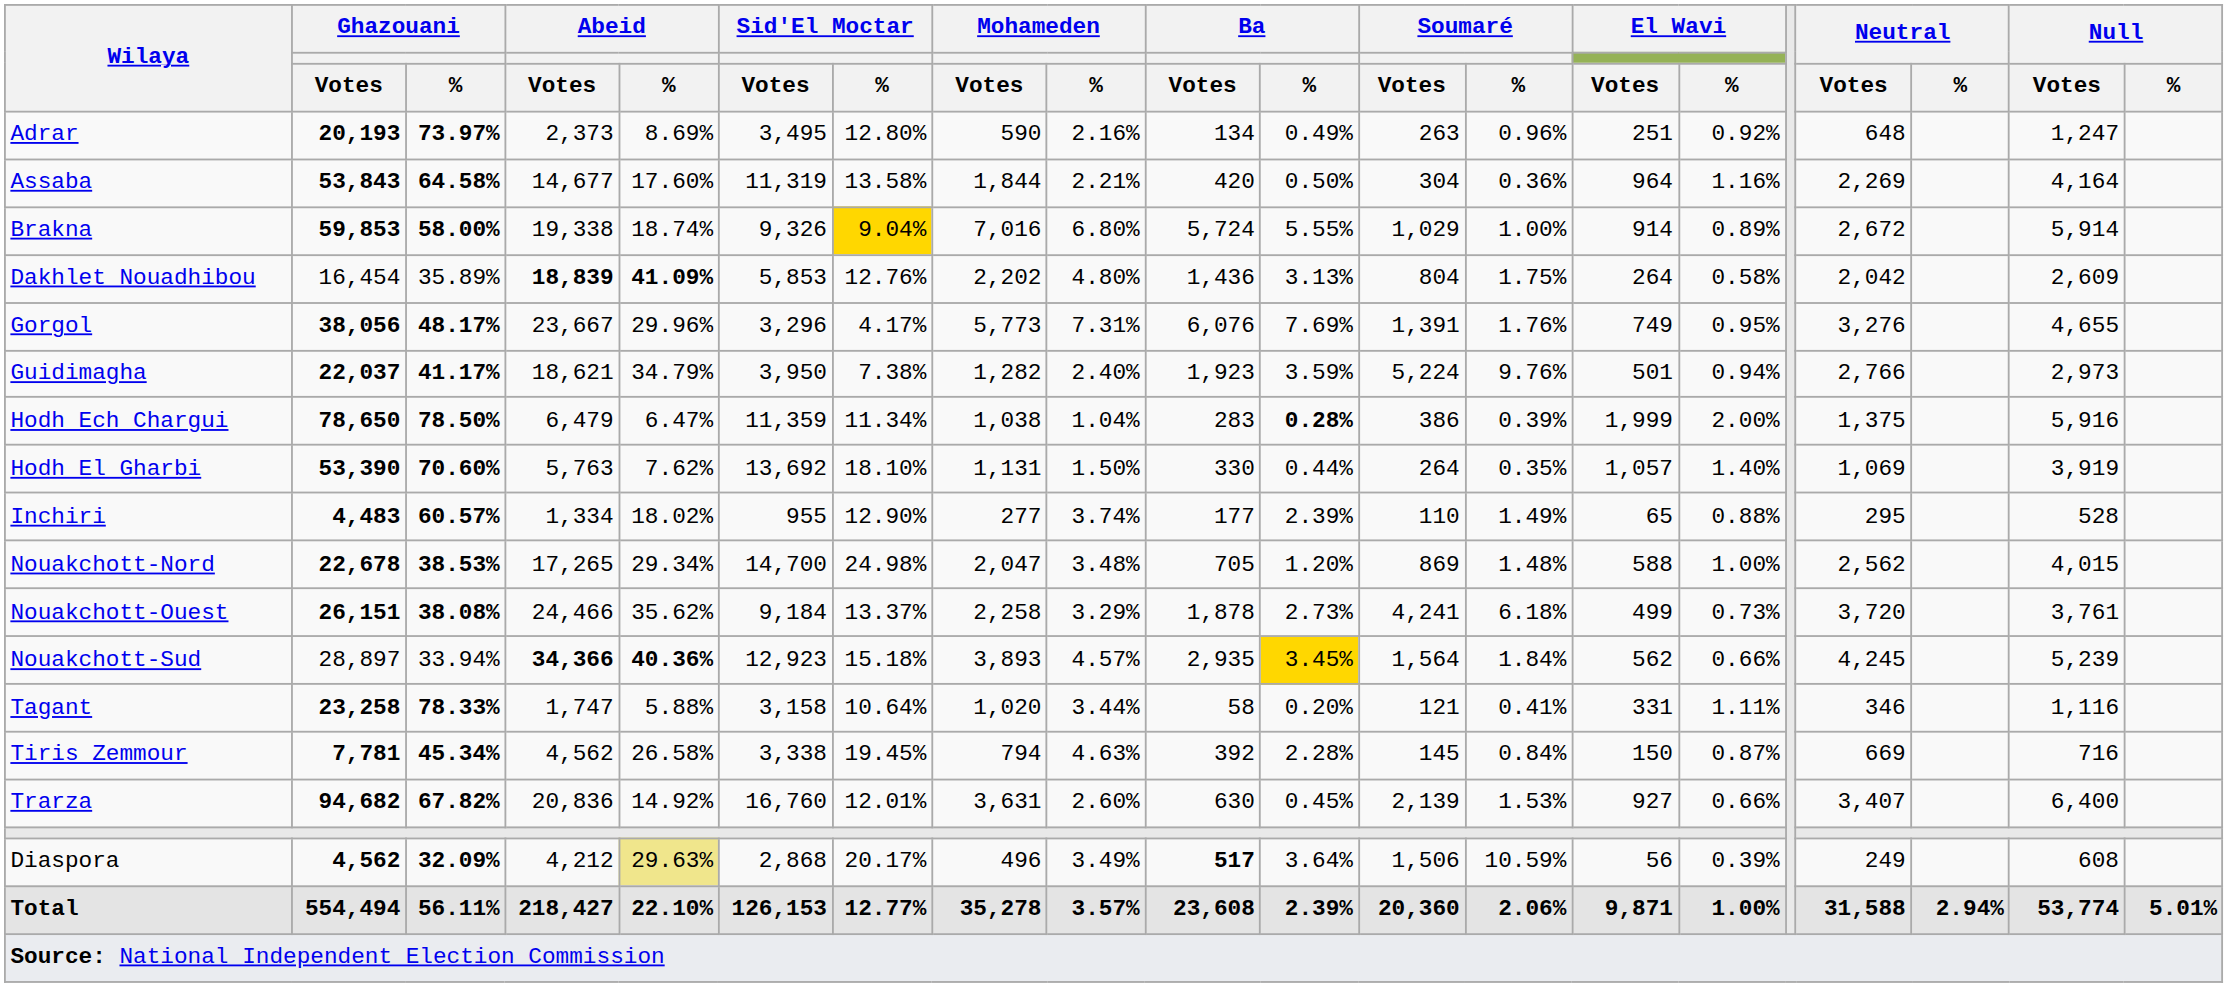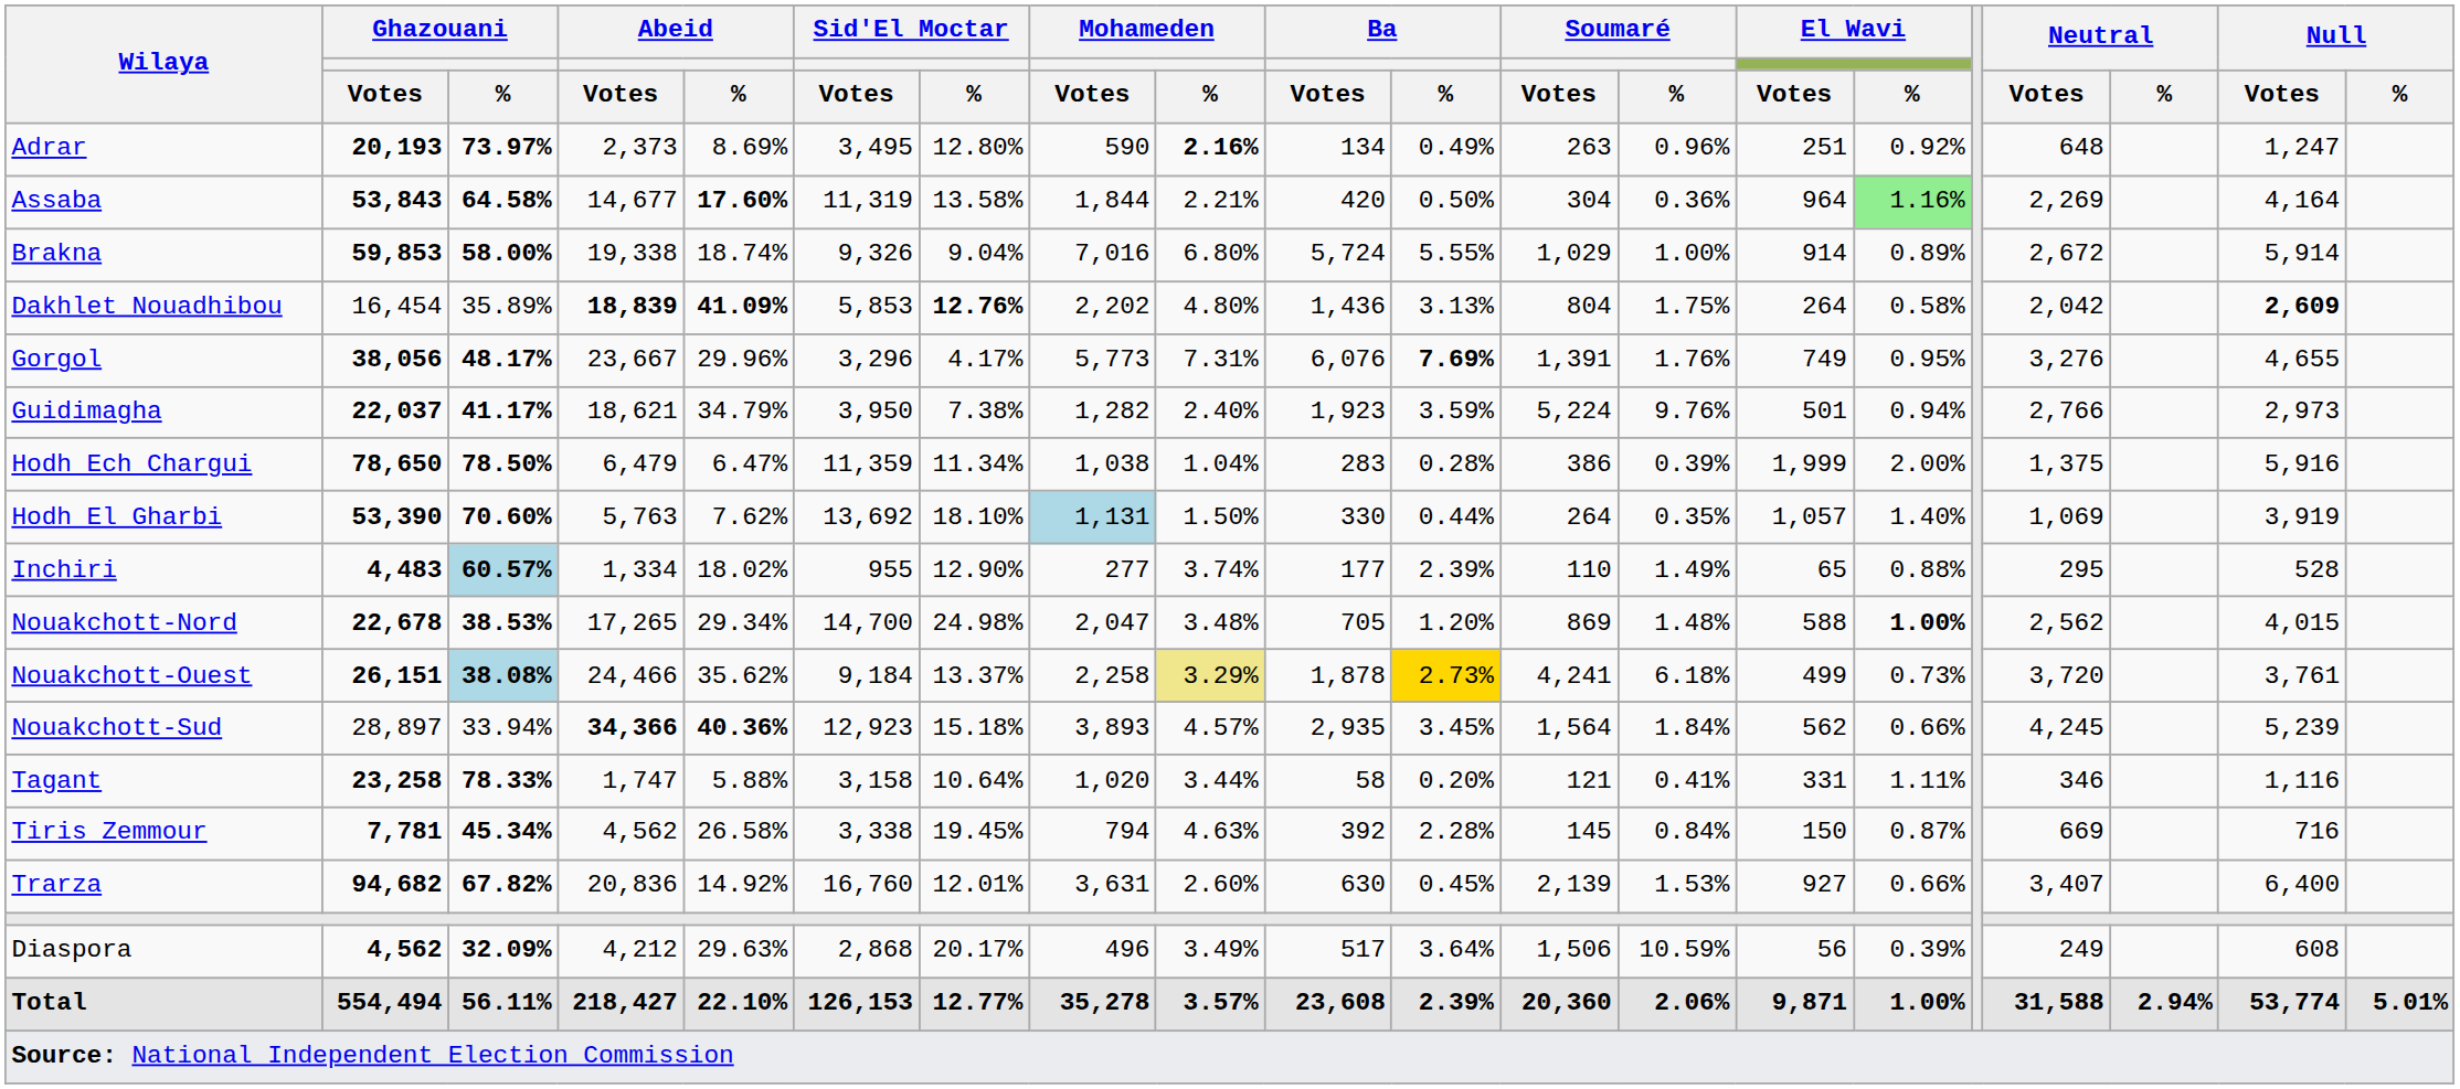 <table class="wikitable sortable collapsible mw-datatable" style="text-align:right; font-size:95%; line-height:20px">
 <tr>
 <th width="150" rowspan="3"><a href='#'>Wilaya</a></th>
 <th width="110" colspan="2"><a href='#'>Ghazouani</a></th>
 <th width="110" colspan="2"><a href='#'>Abeid</a></th>
 <th width="110" colspan="2"><a href='#'>Sid'El Moctar</a></th>
 <th width="110" colspan="2"><a href='#'>Mohameden</a></th>
 <th width="110" colspan="2"><a href='#'>Ba</a></th>
 <th width="110" colspan="2"><a href='#'>Soumaré</a></th>
 <th width="110" colspan="2"><a href='#'>El Wavi</a></th>
 <td rowspan="21" style="background:#E9E9E9;"></td>
 <th width="110" rowspan="2" colspan="2"><a href='#'>Neutral</a></th>
 <th width="110" rowspan="2" colspan="2"><a href='#'>Null</a></th>
 </tr>
 <tr>
 <th colspan="2" style="background:"></th>
 <th colspan="2" style="background:"></th>
 <th colspan="2" style="background:"></th>
 <th colspan="2" style="background:"></th>
 <th colspan="2" style="background:"></th>
 <th colspan="2" style="background:"></th>
 <th colspan="2" style="background:#95B256;"></th>
 </tr>
 <tr>
 <th>Votes</th>
 <th>%</th>
 <th>Votes</th>
 <th>%</th>
 <th>Votes</th>
 <th>%</th>
 <th>Votes</th>
 <th>%</th>
 <th>Votes</th>
 <th>%</th>
 <th>Votes</th>
 <th>%</th>
 <th>Votes</th>
 <th>%</th>
 <th>Votes</th>
 <th>%</th>
 <th>Votes</th>
 <th>%</th>
 </tr>
 <tr>
 <td style="text-align:left"><a href='#'>Adrar</a></td>
 <td><strong>20,193</strong></td>
 <td><strong>73.97%</strong></td>
 <td>2,373</td>
 <td>8.69%</td>
 <td>3,495</td>
 <td>12.80%</td>
 <td>590</td>
-<td>2.16%</td>
+<td><strong>2.16%</strong></td>
 <td>134</td>
 <td>0.49%</td>
 <td>263</td>
 <td>0.96%</td>
 <td>251</td>
 <td>0.92%</td>
 <td>648</td>
 <td></td>
 <td>1,247</td>
 <td></td>
 </tr>
 <tr>
 <td style="text-align:left"><a href='#'>Assaba</a></td>
 <td><strong>53,843</strong></td>
 <td><strong>64.58%</strong></td>
 <td>14,677</td>
-<td>17.60%</td>
+<td><strong>17.60%</strong></td>
 <td>11,319</td>
 <td>13.58%</td>
 <td>1,844</td>
 <td>2.21%</td>
 <td>420</td>
 <td>0.50%</td>
 <td>304</td>
 <td>0.36%</td>
 <td>964</td>
-<td>1.16%</td>
+<td style="background: lightgreen;">1.16%</td>
 <td>2,269</td>
 <td></td>
 <td>4,164</td>
 <td></td>
 </tr>
 <tr>
 <td style="text-align:left"><a href='#'>Brakna</a></td>
 <td><strong>59,853</strong></td>
 <td><strong>58.00%</strong></td>
 <td>19,338</td>
 <td>18.74%</td>
 <td>9,326</td>
-<td style="background: gold;">9.04%</td>
+<td>9.04%</td>
 <td>7,016</td>
 <td>6.80%</td>
 <td>5,724</td>
 <td>5.55%</td>
 <td>1,029</td>
 <td>1.00%</td>
 <td>914</td>
 <td>0.89%</td>
 <td>2,672</td>
 <td></td>
 <td>5,914</td>
 <td></td>
 </tr>
 <tr>
 <td style="text-align:left"><a href='#'>Dakhlet Nouadhibou</a></td>
 <td>16,454</td>
 <td>35.89%</td>
 <td><strong>18,839</strong></td>
 <td><strong>41.09%</strong></td>
 <td>5,853</td>
-<td>12.76%</td>
+<td><strong>12.76%</strong></td>
 <td>2,202</td>
 <td>4.80%</td>
 <td>1,436</td>
 <td>3.13%</td>
 <td>804</td>
 <td>1.75%</td>
 <td>264</td>
 <td>0.58%</td>
 <td>2,042</td>
 <td></td>
-<td>2,609</td>
+<td><strong>2,609</strong></td>
 <td></td>
 </tr>
 <tr>
 <td style="text-align:left"><a href='#'>Gorgol</a></td>
 <td><strong>38,056</strong></td>
 <td><strong>48.17%</strong></td>
 <td>23,667</td>
 <td>29.96%</td>
 <td>3,296</td>
 <td>4.17%</td>
 <td>5,773</td>
 <td>7.31%</td>
 <td>6,076</td>
-<td>7.69%</td>
+<td><strong>7.69%</strong></td>
 <td>1,391</td>
 <td>1.76%</td>
 <td>749</td>
 <td>0.95%</td>
 <td>3,276</td>
 <td></td>
 <td>4,655</td>
 <td></td>
 </tr>
 <tr>
 <td style="text-align:left"><a href='#'>Guidimagha</a></td>
 <td><strong>22,037</strong></td>
 <td><strong>41.17%</strong></td>
 <td>18,621</td>
 <td>34.79%</td>
 <td>3,950</td>
 <td>7.38%</td>
 <td>1,282</td>
 <td>2.40%</td>
 <td>1,923</td>
 <td>3.59%</td>
 <td>5,224</td>
 <td>9.76%</td>
 <td>501</td>
 <td>0.94%</td>
 <td>2,766</td>
 <td></td>
 <td>2,973</td>
 <td></td>
 </tr>
 <tr>
 <td style="text-align:left"><a href='#'>Hodh Ech Chargui</a></td>
 <td><strong>78,650</strong></td>
 <td><strong>78.50%</strong></td>
 <td>6,479</td>
 <td>6.47%</td>
 <td>11,359</td>
 <td>11.34%</td>
 <td>1,038</td>
 <td>1.04%</td>
 <td>283</td>
-<td><strong>0.28%</strong></td>
+<td>0.28%</td>
 <td>386</td>
 <td>0.39%</td>
 <td>1,999</td>
 <td>2.00%</td>
 <td>1,375</td>
 <td></td>
 <td>5,916</td>
 <td></td>
 </tr>
 <tr>
 <td style="text-align:left"><a href='#'>Hodh El Gharbi</a></td>
 <td><strong>53,390</strong></td>
 <td><strong>70.60%</strong></td>
 <td>5,763</td>
 <td>7.62%</td>
 <td>13,692</td>
 <td>18.10%</td>
-<td>1,131</td>
+<td style="background: lightblue;">1,131</td>
 <td>1.50%</td>
 <td>330</td>
 <td>0.44%</td>
 <td>264</td>
 <td>0.35%</td>
 <td>1,057</td>
 <td>1.40%</td>
 <td>1,069</td>
 <td></td>
 <td>3,919</td>
 <td></td>
 </tr>
 <tr>
 <td style="text-align:left"><a href='#'>Inchiri</a></td>
 <td><strong>4,483</strong></td>
-<td><strong>60.57%</strong></td>
+<td style="background: lightblue;"><strong>60.57%</strong></td>
 <td>1,334</td>
 <td>18.02%</td>
 <td>955</td>
 <td>12.90%</td>
 <td>277</td>
 <td>3.74%</td>
 <td>177</td>
 <td>2.39%</td>
 <td>110</td>
 <td>1.49%</td>
 <td>65</td>
 <td>0.88%</td>
 <td>295</td>
 <td></td>
 <td>528</td>
 <td></td>
 </tr>
 <tr>
 <td style="text-align:left"><a href='#'>Nouakchott-Nord</a></td>
 <td><strong>22,678</strong></td>
 <td><strong>38.53%</strong></td>
 <td>17,265</td>
 <td>29.34%</td>
 <td>14,700</td>
 <td>24.98%</td>
 <td>2,047</td>
 <td>3.48%</td>
 <td>705</td>
 <td>1.20%</td>
 <td>869</td>
 <td>1.48%</td>
 <td>588</td>
-<td>1.00%</td>
+<td><strong>1.00%</strong></td>
 <td>2,562</td>
 <td></td>
 <td>4,015</td>
 <td></td>
 </tr>
 <tr>
 <td style="text-align:left"><a href='#'>Nouakchott-Ouest</a></td>
 <td><strong>26,151</strong></td>
-<td><strong>38.08%</strong></td>
+<td style="background: lightblue;"><strong>38.08%</strong></td>
 <td>24,466</td>
 <td>35.62%</td>
 <td>9,184</td>
 <td>13.37%</td>
 <td>2,258</td>
-<td>3.29%</td>
+<td style="background: khaki;">3.29%</td>
 <td>1,878</td>
-<td>2.73%</td>
+<td style="background: gold;">2.73%</td>
 <td>4,241</td>
 <td>6.18%</td>
 <td>499</td>
 <td>0.73%</td>
 <td>3,720</td>
 <td></td>
 <td>3,761</td>
 <td></td>
 </tr>
 <tr>
 <td style="text-align:left"><a href='#'>Nouakchott-Sud</a></td>
 <td>28,897</td>
 <td>33.94%</td>
 <td><strong>34,366</strong></td>
 <td><strong>40.36%</strong></td>
 <td>12,923</td>
 <td>15.18%</td>
 <td>3,893</td>
 <td>4.57%</td>
 <td>2,935</td>
-<td style="background: gold;">3.45%</td>
+<td>3.45%</td>
 <td>1,564</td>
 <td>1.84%</td>
 <td>562</td>
 <td>0.66%</td>
 <td>4,245</td>
 <td></td>
 <td>5,239</td>
 <td></td>
 </tr>
 <tr>
 <td style="text-align:left"><a href='#'>Tagant</a></td>
 <td><strong>23,258</strong></td>
 <td><strong>78.33%</strong></td>
 <td>1,747</td>
 <td>5.88%</td>
 <td>3,158</td>
 <td>10.64%</td>
 <td>1,020</td>
 <td>3.44%</td>
 <td>58</td>
 <td>0.20%</td>
 <td>121</td>
 <td>0.41%</td>
 <td>331</td>
 <td>1.11%</td>
 <td>346</td>
 <td></td>
 <td>1,116</td>
 <td></td>
 </tr>
 <tr>
 <td style="text-align:left"><a href='#'>Tiris Zemmour</a></td>
 <td><strong>7,781</strong></td>
 <td><strong>45.34%</strong></td>
 <td>4,562</td>
 <td>26.58%</td>
 <td>3,338</td>
 <td>19.45%</td>
 <td>794</td>
 <td>4.63%</td>
 <td>392</td>
 <td>2.28%</td>
 <td>145</td>
 <td>0.84%</td>
 <td>150</td>
 <td>0.87%</td>
 <td>669</td>
 <td></td>
 <td>716</td>
 <td></td>
 </tr>
 <tr>
 <td style="text-align:left"><a href='#'>Trarza</a></td>
 <td><strong>94,682</strong></td>
 <td><strong>67.82%</strong></td>
 <td>20,836</td>
 <td>14.92%</td>
 <td>16,760</td>
 <td>12.01%</td>
 <td>3,631</td>
 <td>2.60%</td>
 <td>630</td>
 <td>0.45%</td>
 <td>2,139</td>
 <td>1.53%</td>
 <td>927</td>
 <td>0.66%</td>
 <td>3,407</td>
 <td></td>
 <td>6,400</td>
 <td></td>
 </tr>
 <tr class="sortbottom">
 <td colspan="15" style="background:#E9E9E9;"></td>
 <td colspan="4" style="background:#E9E9E9;"></td>
 </tr>
 <tr>
 <td style="text-align:left">Diaspora</td>
 <td><strong>4,562</strong></td>
 <td><strong>32.09%</strong></td>
 <td>4,212</td>
-<td style="background: khaki;">29.63%</td>
+<td>29.63%</td>
 <td>2,868</td>
 <td>20.17%</td>
 <td>496</td>
 <td>3.49%</td>
-<td><strong>517</strong></td>
+<td>517</td>
 <td>3.64%</td>
 <td>1,506</td>
 <td>10.59%</td>
 <td>56</td>
 <td>0.39%</td>
 <td>249</td>
 <td></td>
 <td>608</td>
 <td></td>
 </tr>
 <tr class="sortbottom" style="font-weight:bold; background:#E4E4E4;">
 <td align="left">Total</td>
 <td><strong>554,494</strong></td>
 <td><strong>56.11%</strong></td>
 <td>218,427</td>
 <td>22.10%</td>
 <td>126,153</td>
 <td>12.77%</td>
 <td>35,278</td>
 <td>3.57%</td>
 <td>23,608</td>
 <td>2.39%</td>
 <td>20,360</td>
 <td>2.06%</td>
 <td>9,871</td>
 <td>1.00%</td>
 <td>31,588</td>
 <td>2.94%</td>
 <td>53,774</td>
 <td>5.01%</td>
 </tr>
 <tr class="sortbottom">
 <td colspan="21" style="text-align:left; background-color:#eaecf0"><strong>Source:</strong> <a href='#'>National Independent Election Commission</a></td>
 </tr>
 </table>
